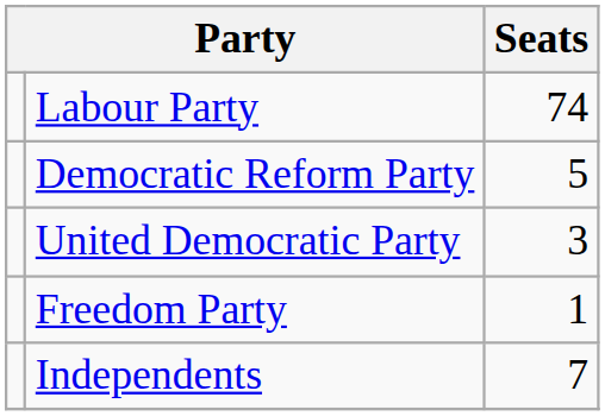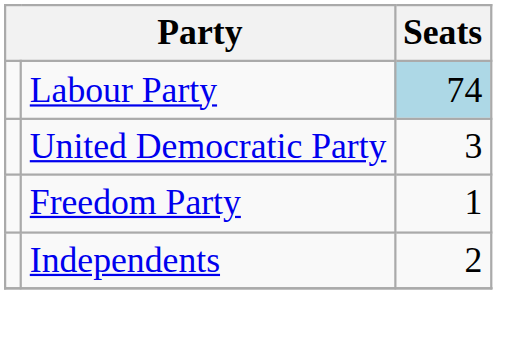 <table class="wikitable" style="text-align:right">
 <tr>
 <th colspan="2">Party</th>
 <th>Seats</th>
 </tr>
 <tr>
 <td></td>
 <td align="left"><a href='#'>Labour Party</a></td>
-<td>74</td>
-</tr>
-<tr>
-<td></td>
-<td align="left"><a href='#'>Democratic Reform Party</a></td>
-<td>5</td>
+<td style="background: lightblue;">74</td>
 </tr>
 <tr>
 <td></td>
 <td align="left"><a href='#'>United Democratic Party</a></td>
 <td>3</td>
 </tr>
 <tr>
 <td></td>
 <td align="left"><a href='#'>Freedom Party</a></td>
 <td>1</td>
 </tr>
 <tr>
 <td></td>
 <td align="left"><a href='#'>Independents</a></td>
-<td>7</td>
+<td>2</td>
 </tr>
 <tr>
 </tr>
 </table>
